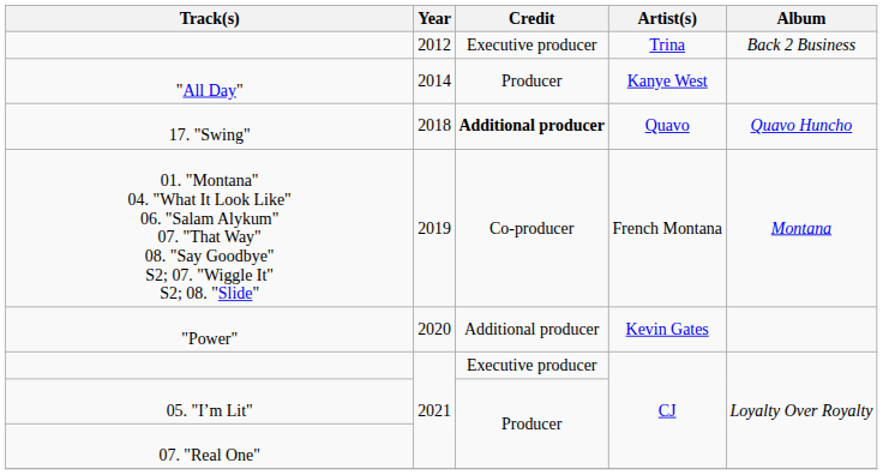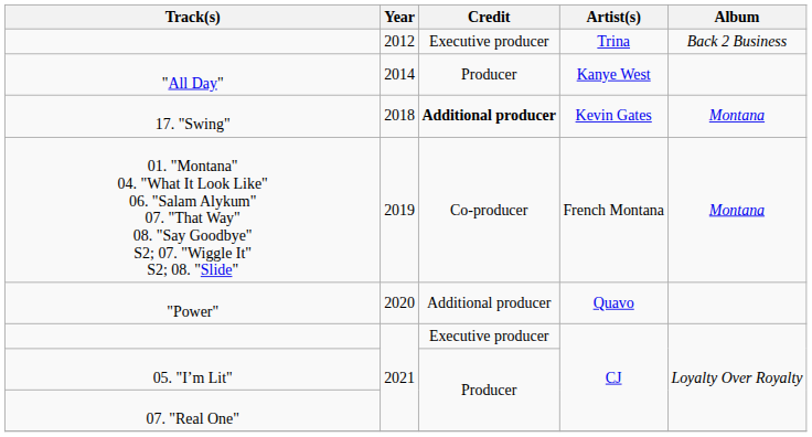 <table class="wikitable plainrowheaders" style="text-align:center;">
 <tr>
 <th scope="col" style="width:24em;">Track(s)</th>
 <th scope="col" style="width:1em;">Year</th>
 <th scope="col">Credit</th>
 <th scope="col">Artist(s)</th>
 <th scope="col">Album</th>
 </tr>
 <tr>
 <td></td>
 <td>2012</td>
 <td>Executive producer</td>
 <td><a href='#'>Trina</a></td>
 <td><em>Back 2 Business</em></td>
 </tr>
 <tr>
 <td><br>"<a href='#'>All Day</a>"</td>
 <td>2014</td>
 <td>Producer</td>
 <td><a href='#'>Kanye West</a></td>
 <td></td>
 </tr>
 <tr>
 <td><br>17. "Swing"</td>
 <td>2018</td>
 <td><strong>Additional producer</strong></td>
-<td><a href='#'>Quavo</a></td>
-<td><em><a href='#'>Quavo Huncho</a></em></td>
+<td><a href='#'>Kevin Gates</a></td>
+<td><em><a href='#'>Montana</a></em></td>
 </tr>
 <tr>
 <td><br>01. "Montana" <br> 04. "What It Look Like" <br> 06. "Salam Alykum" <br> 07. "That Way" <br> 08. "Say Goodbye" <br> S2; 07. "Wiggle It" <br> S2; 08. "<a href='#'>Slide</a>"</td>
 <td>2019</td>
 <td>Co-producer</td>
 <td>French Montana</td>
 <td><em><a href='#'>Montana</a></em></td>
 </tr>
 <tr>
 <td><br>"Power"</td>
 <td>2020</td>
 <td>Additional producer</td>
-<td><a href='#'>Kevin Gates</a></td>
+<td><a href='#'>Quavo</a></td>
 <td></td>
 </tr>
 <tr>
 <td></td>
 <td rowspan="3">2021</td>
 <td>Executive producer</td>
 <td rowspan="3"><a href='#'>CJ</a></td>
 <td rowspan="3"><em>Loyalty Over Royalty</em></td>
 </tr>
 <tr>
 <td><br>05. "I’m Lit"</td>
 <td rowspan="2">Producer</td>
 </tr>
 <tr>
 <td><br>07. "Real One"</td>
 </tr>
 <tr>
 </tr>
 </table>
